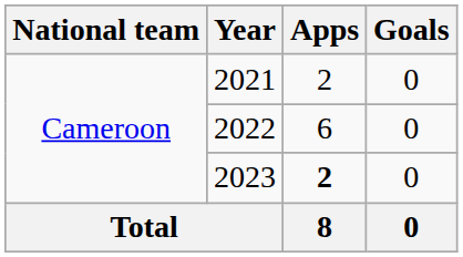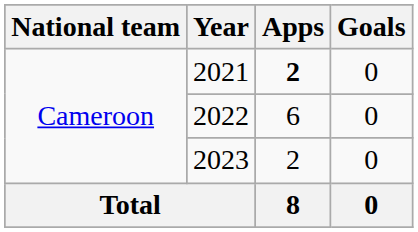 <table class="wikitable" style="text-align:center">
 <tr>
 <th>National team</th>
 <th>Year</th>
 <th>Apps</th>
 <th>Goals</th>
 </tr>
 <tr>
 <td rowspan=3><a href='#'>Cameroon</a></td>
 <td>2021</td>
-<td>2</td>
+<td><strong>2</strong></td>
 <td>0</td>
 </tr>
 <tr>
 <td>2022</td>
 <td>6</td>
 <td>0</td>
 </tr>
 <tr>
 <td>2023</td>
-<td><strong>2</strong></td>
+<td>2</td>
 <td>0</td>
 </tr>
 <tr>
 <th colspan=2>Total</th>
 <th>8</th>
 <th>0</th>
 </tr>
 </table>
